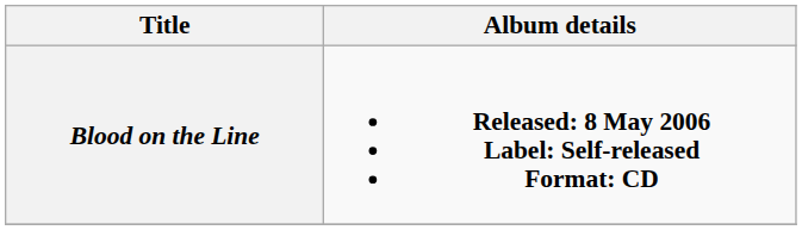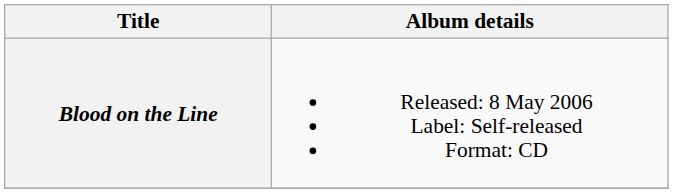 <table class="wikitable plainrowheaders" style="text-align:center">
 <tr>
 <th scope="col" style="width:12em;">Title</th>
 <th scope="col" style="width:18em;">Album details</th>
 </tr>
 <tr>
 <th scope="row"><em>Blood on the Line</em></th>
-<td><strong><br><ul><li>Released: 8 May 2006</li><li>Label: Self-released</li><li>Format: CD</li></ul></strong></td>
+<td><br><ul><li>Released: 8 May 2006</li><li>Label: Self-released</li><li>Format: CD</li></ul></td>
 </tr>
 <tr>
 </tr>
 </table>
